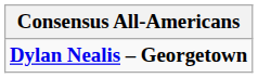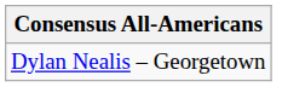 <table class="wikitable" style="font-size: 95%">
 <tr>
 <th>Consensus All-Americans</th>
 </tr>
 <tr>
-<td><strong><a href='#'>Dylan Nealis</a> – Georgetown</strong></td>
+<td><a href='#'>Dylan Nealis</a> – Georgetown</td>
 </tr>
 </table>
